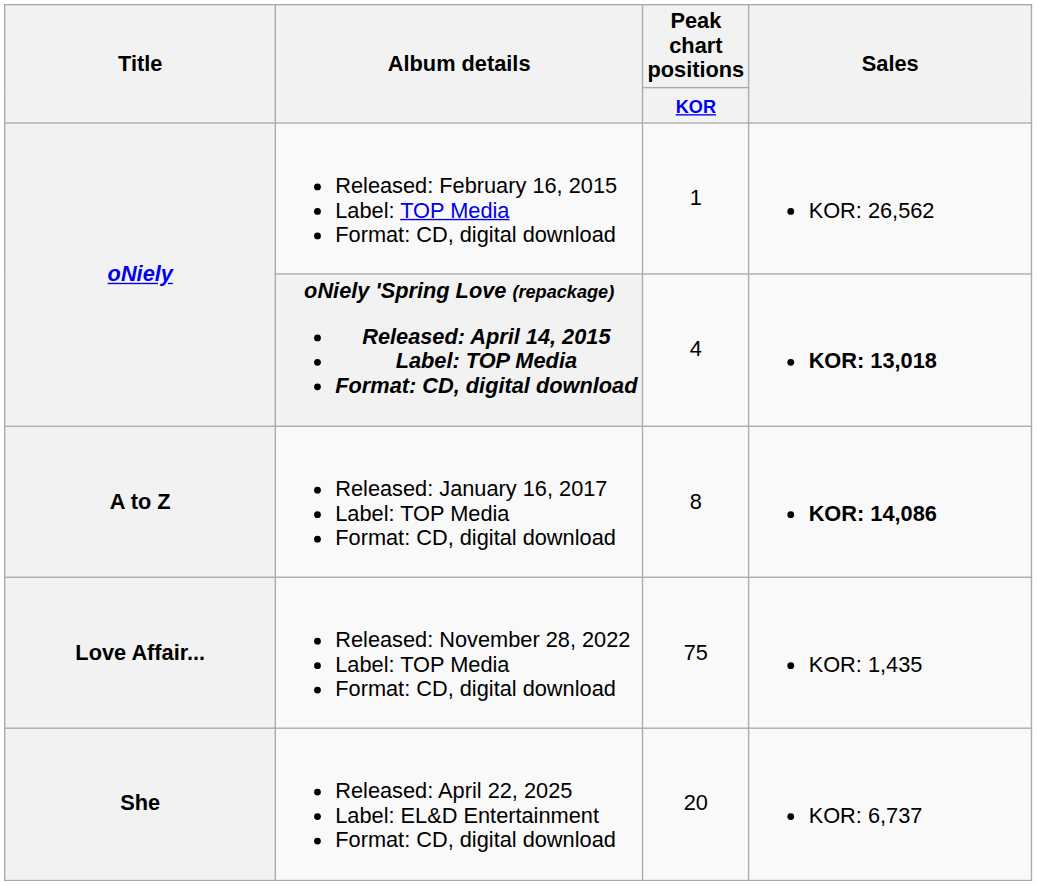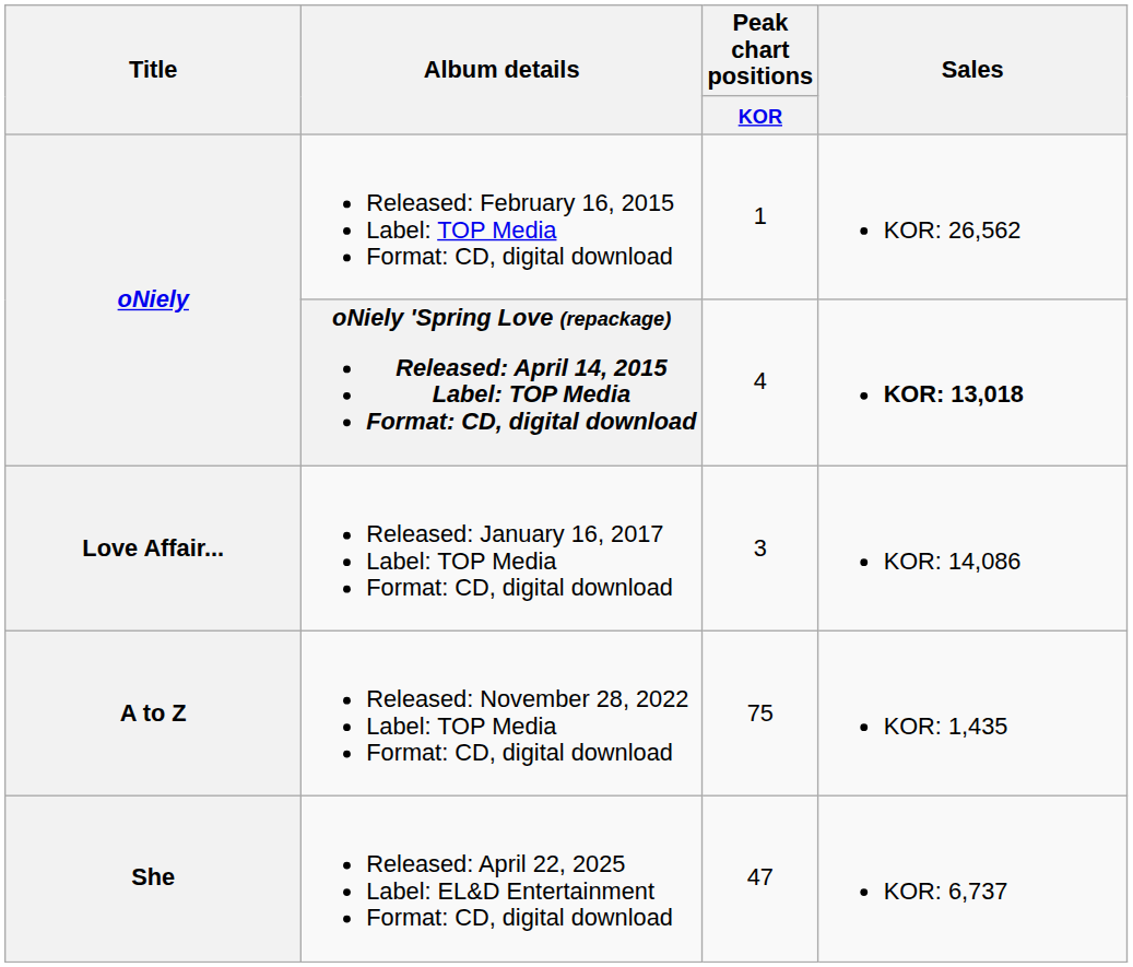 <table class="wikitable plainrowheaders">
 <tr>
 <th rowspan="2" style="width:12em;">Title</th>
 <th rowspan="2">Album details</th>
 <th colspan="1">Peak chart positions</th>
 <th rowspan=2 width="200">Sales</th>
 </tr>
 <tr>
 <th width="30"><small><a href='#'>KOR</a></small><br></th>
 </tr>
 <tr>
 <th scope="row" rowspan="2"><em><a href='#'>oNiely</a></em></th>
 <td><br><ul><li>Released: February 16, 2015</li><li>Label: <a href='#'>TOP Media</a></li><li>Format: CD, digital download</li></ul></td>
 <td align="center">1</td>
 <td><br><ul><li>KOR: 26,562</li></ul></td>
 </tr>
 <tr>
 <th scope="row"><em>oNiely 'Spring Love<strong> <small>(repackage)</small><br><ul><li>Released: April 14, 2015</li><li>Label: TOP Media</li><li>Format: CD, digital download</li></ul></th>
 <td align="center">4</td>
 <td><strong><br><ul><li>KOR: 13,018</li></ul></strong></td>
 </tr>
 <tr>
-<th scope="row"></em>A to Z<em></th>
+<th scope="row"></em>Love Affair...<em></th>
 <td><br><ul><li>Released: January 16, 2017</li><li>Label: TOP Media</li><li>Format: CD, digital download</li></ul></td>
-<td align="center">8</td>
-<td><strong><br><ul><li>KOR: 14,086</li></ul></strong></td>
+<td align="center">3</td>
+<td><br><ul><li>KOR: 14,086</li></ul></td>
 </tr>
 <tr>
-<th scope="row"></em>Love Affair...<em></th>
+<th scope="row"></em>A to Z<em></th>
 <td><br><ul><li>Released: November 28, 2022</li><li>Label: TOP Media</li><li>Format: CD, digital download</li></ul></td>
 <td align="center">75</td>
 <td><br><ul><li>KOR: 1,435</li></ul></td>
 </tr>
 <tr>
 <th scope="row"></em>She<em></th>
 <td><br><ul><li>Released: April 22, 2025</li><li>Label: EL&D Entertainment</li><li>Format: CD, digital download</li></ul></td>
-<td align="center">20</td>
+<td align="center">47</td>
 <td><br><ul><li>KOR: 6,737</li></ul></td>
 </tr>
 </table>
